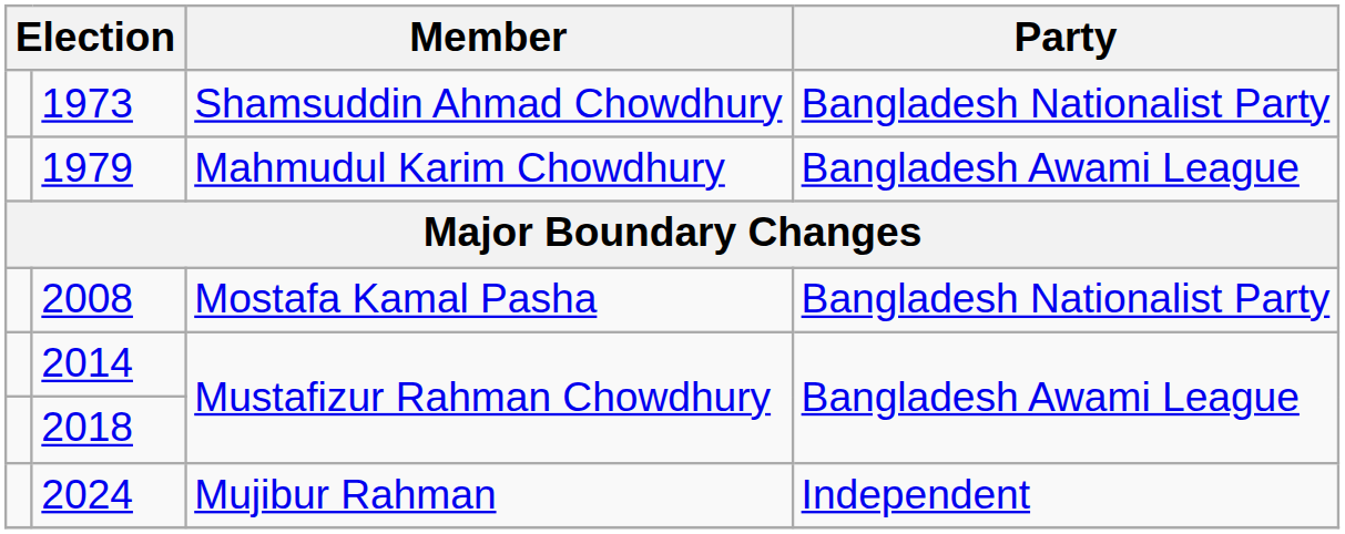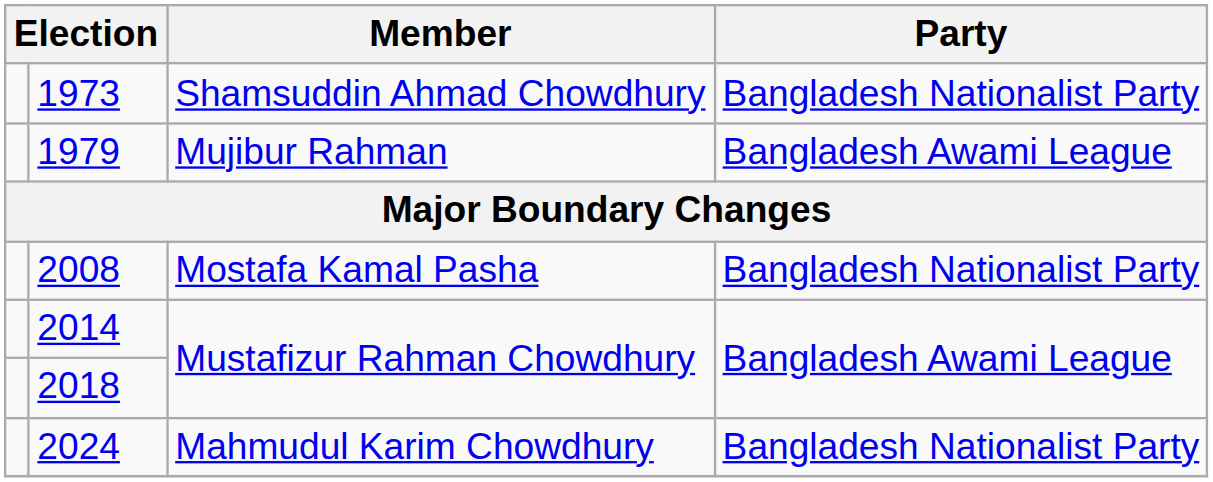 <table class="wikitable">
 <tr>
 <th colspan="2">Election</th>
 <th>Member</th>
 <th>Party</th>
 </tr>
 <tr>
 <td style="background-color:"></td>
 <td><a href='#'>1973</a></td>
 <td><a href='#'>Shamsuddin Ahmad Chowdhury</a></td>
 <td><a href='#'>Bangladesh Nationalist Party</a></td>
 </tr>
 <tr>
 <td style="background-color:"></td>
 <td><a href='#'>1979</a></td>
-<td><a href='#'>Mahmudul Karim Chowdhury</a></td>
+<td><a href='#'>Mujibur Rahman</a></td>
 <td><a href='#'>Bangladesh Awami League</a></td>
 </tr>
 <tr>
 <th colspan="4">Major Boundary Changes</th>
 </tr>
 <tr>
 <td style="background-color:"></td>
 <td><a href='#'>2008</a></td>
 <td><a href='#'>Mostafa Kamal Pasha</a></td>
 <td><a href='#'>Bangladesh Nationalist Party</a></td>
 </tr>
 <tr>
 <td style="background-color:"></td>
 <td><a href='#'>2014</a></td>
 <td rowspan="2"><a href='#'>Mustafizur Rahman Chowdhury</a></td>
 <td rowspan="2"><a href='#'>Bangladesh Awami League</a></td>
 </tr>
 <tr>
 <td style="background-color:"></td>
 <td><a href='#'>2018</a></td>
 </tr>
 <tr>
 <td style="background-color:"></td>
 <td><a href='#'>2024</a></td>
-<td><a href='#'>Mujibur Rahman</a></td>
-<td><a href='#'>Independent</a></td>
+<td><a href='#'>Mahmudul Karim Chowdhury</a></td>
+<td><a href='#'>Bangladesh Nationalist Party</a></td>
 </tr>
 <tr>
 </tr>
 </table>
